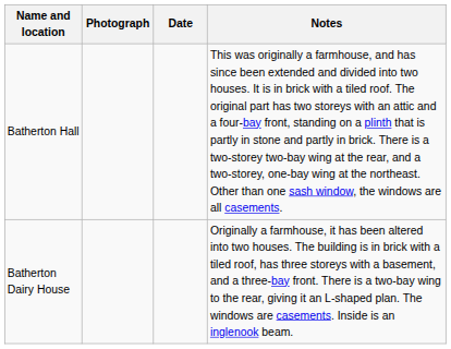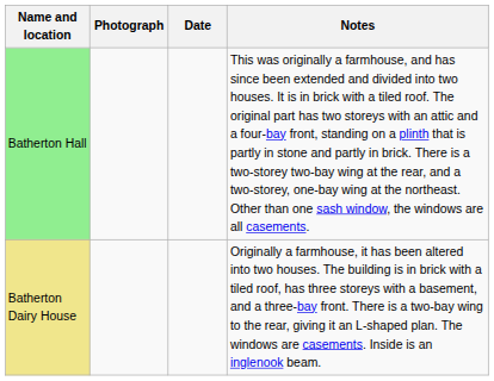 <table class="wikitable sortable plainrowheaders" style="width:100%;border:0px;text-align:left;line-height:150%;">
 <tr>
 <th scope="col"  style="width:150px">Name and location</th>
 <th scope="col"  style="width:100px" class="unsortable">Photograph</th>
 <th scope="col"  style="width:120px">Date</th>
 <th scope="col"  style="width:700px" class="unsortable">Notes</th>
 </tr>
 <tr>
-<td>Batherton Hall<br><small></small></td>
+<td style="background: lightgreen;">Batherton Hall<br><small></small></td>
 <td></td>
 <td align="center"></td>
 <td>This was originally a farmhouse, and has since been extended and divided into two houses.  It is in brick with a tiled roof.  The original part has two storeys with an attic and a four-<a href='#'>bay</a> front, standing on a <a href='#'>plinth</a> that is partly in stone and partly in brick.  There is a two-storey two-bay wing at the rear, and a two-storey, one-bay wing at the northeast.  Other than one <a href='#'>sash window</a>, the windows are all <a href='#'>casements</a>.</td>
 </tr>
 <tr>
-<td>Batherton Dairy House<br><small></small></td>
+<td style="background: khaki;">Batherton Dairy House<br><small></small></td>
 <td></td>
 <td align="center"></td>
 <td>Originally a farmhouse, it has been altered into two houses.  The building is in brick with a tiled roof, has three storeys with a basement, and a three-<a href='#'>bay</a> front.  There is a two-bay wing to the rear, giving it an L-shaped plan.  The windows are <a href='#'>casements</a>.  Inside is an <a href='#'>inglenook</a> beam.</td>
 </tr>
 <tr>
 </tr>
 </table>
